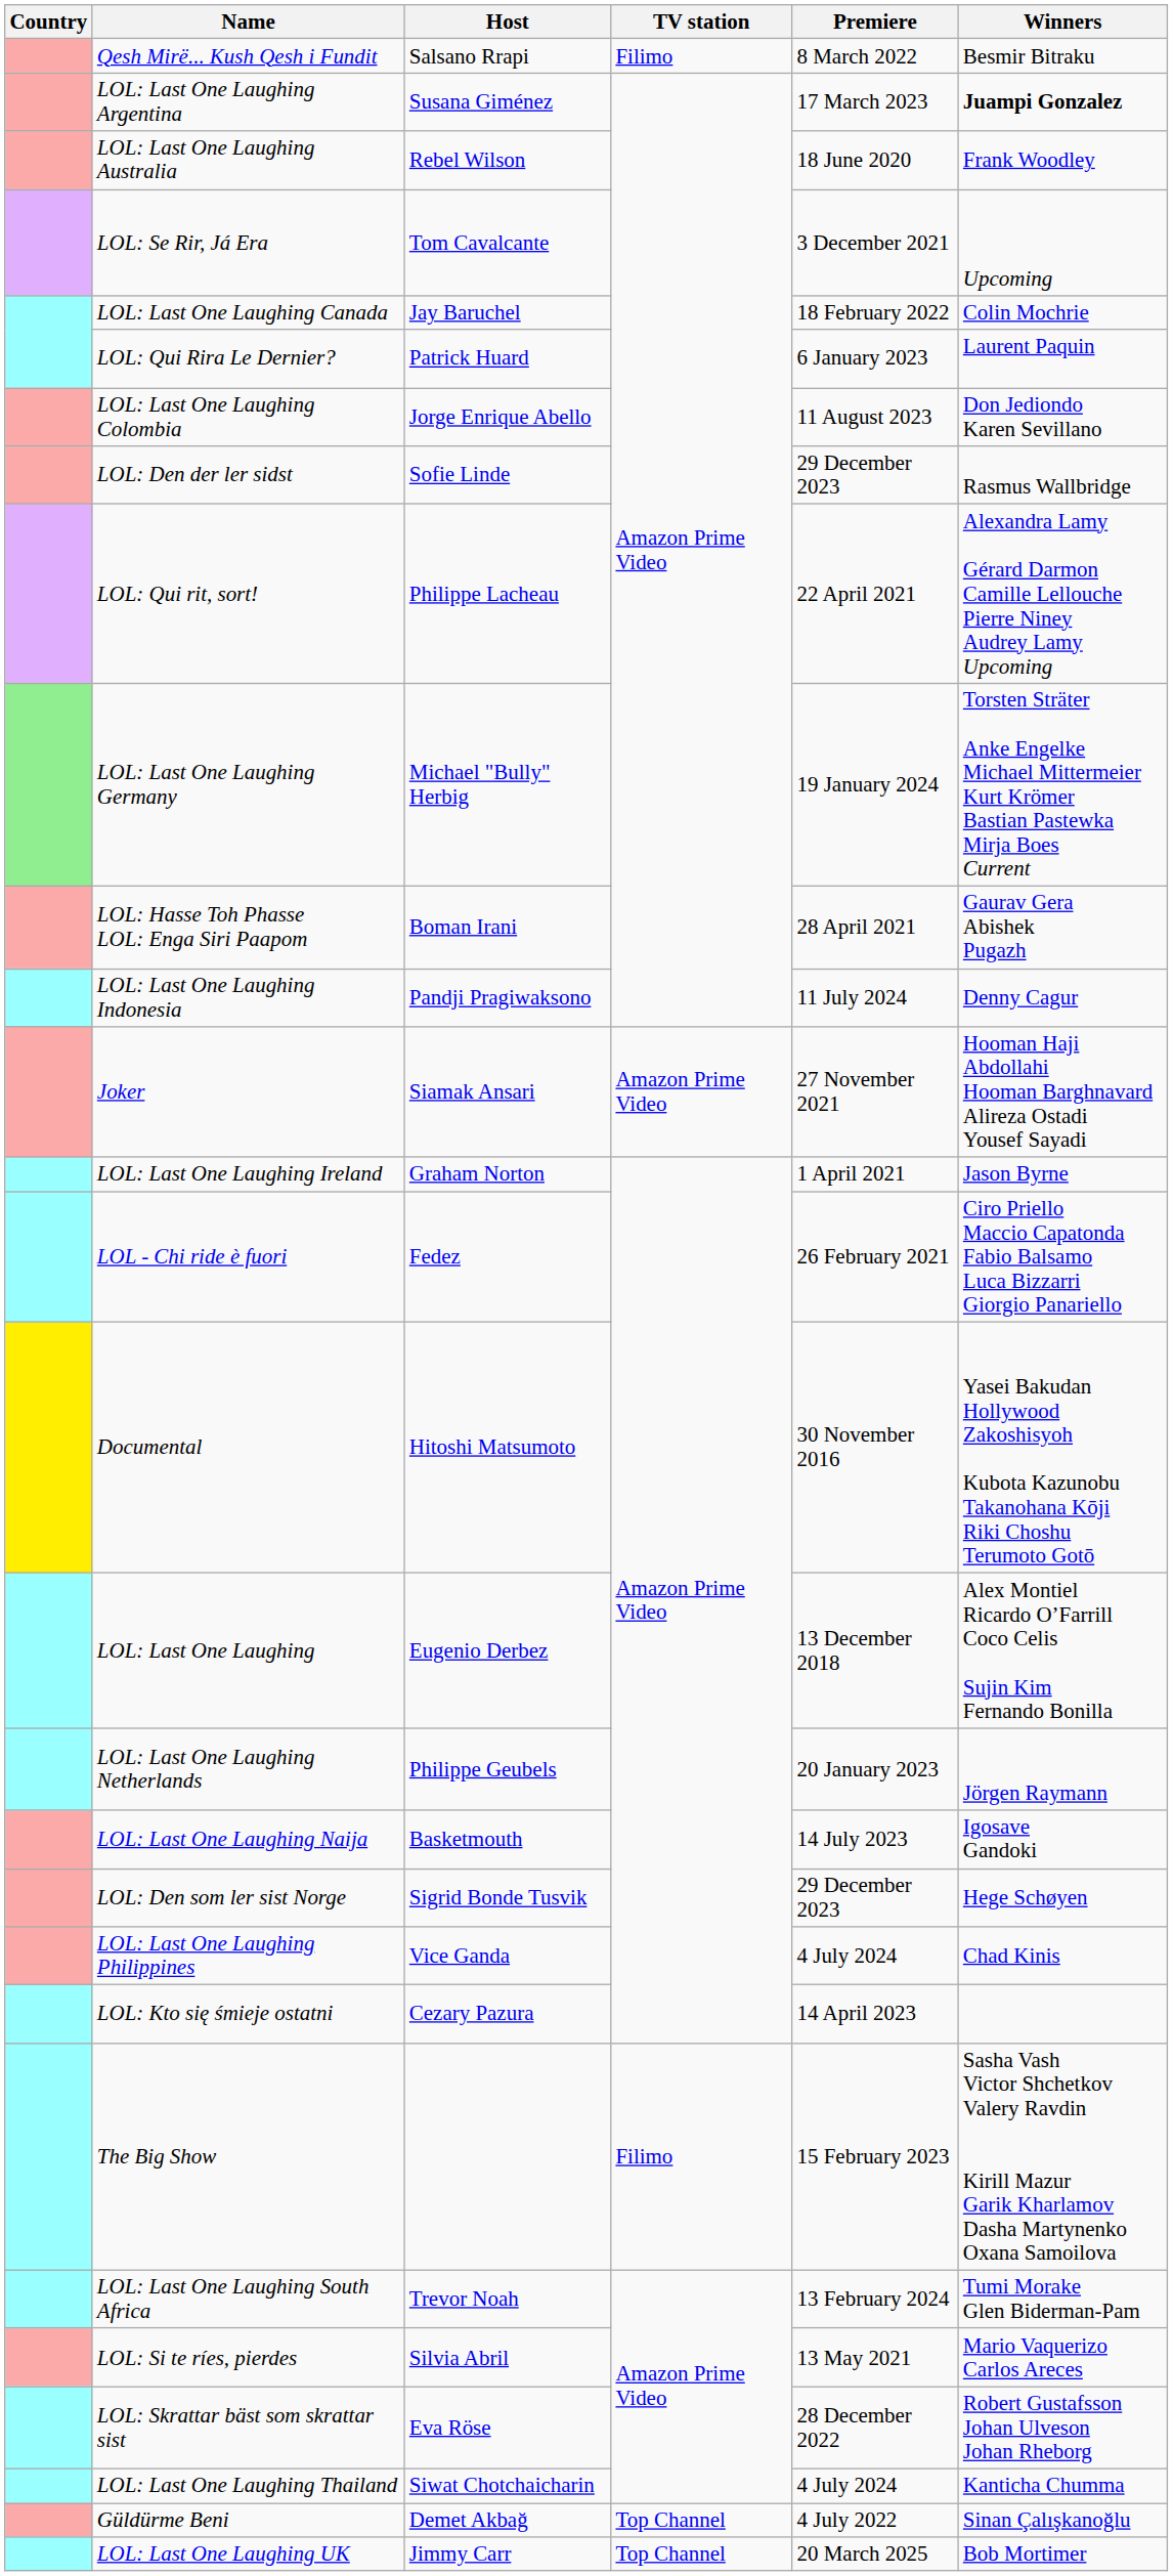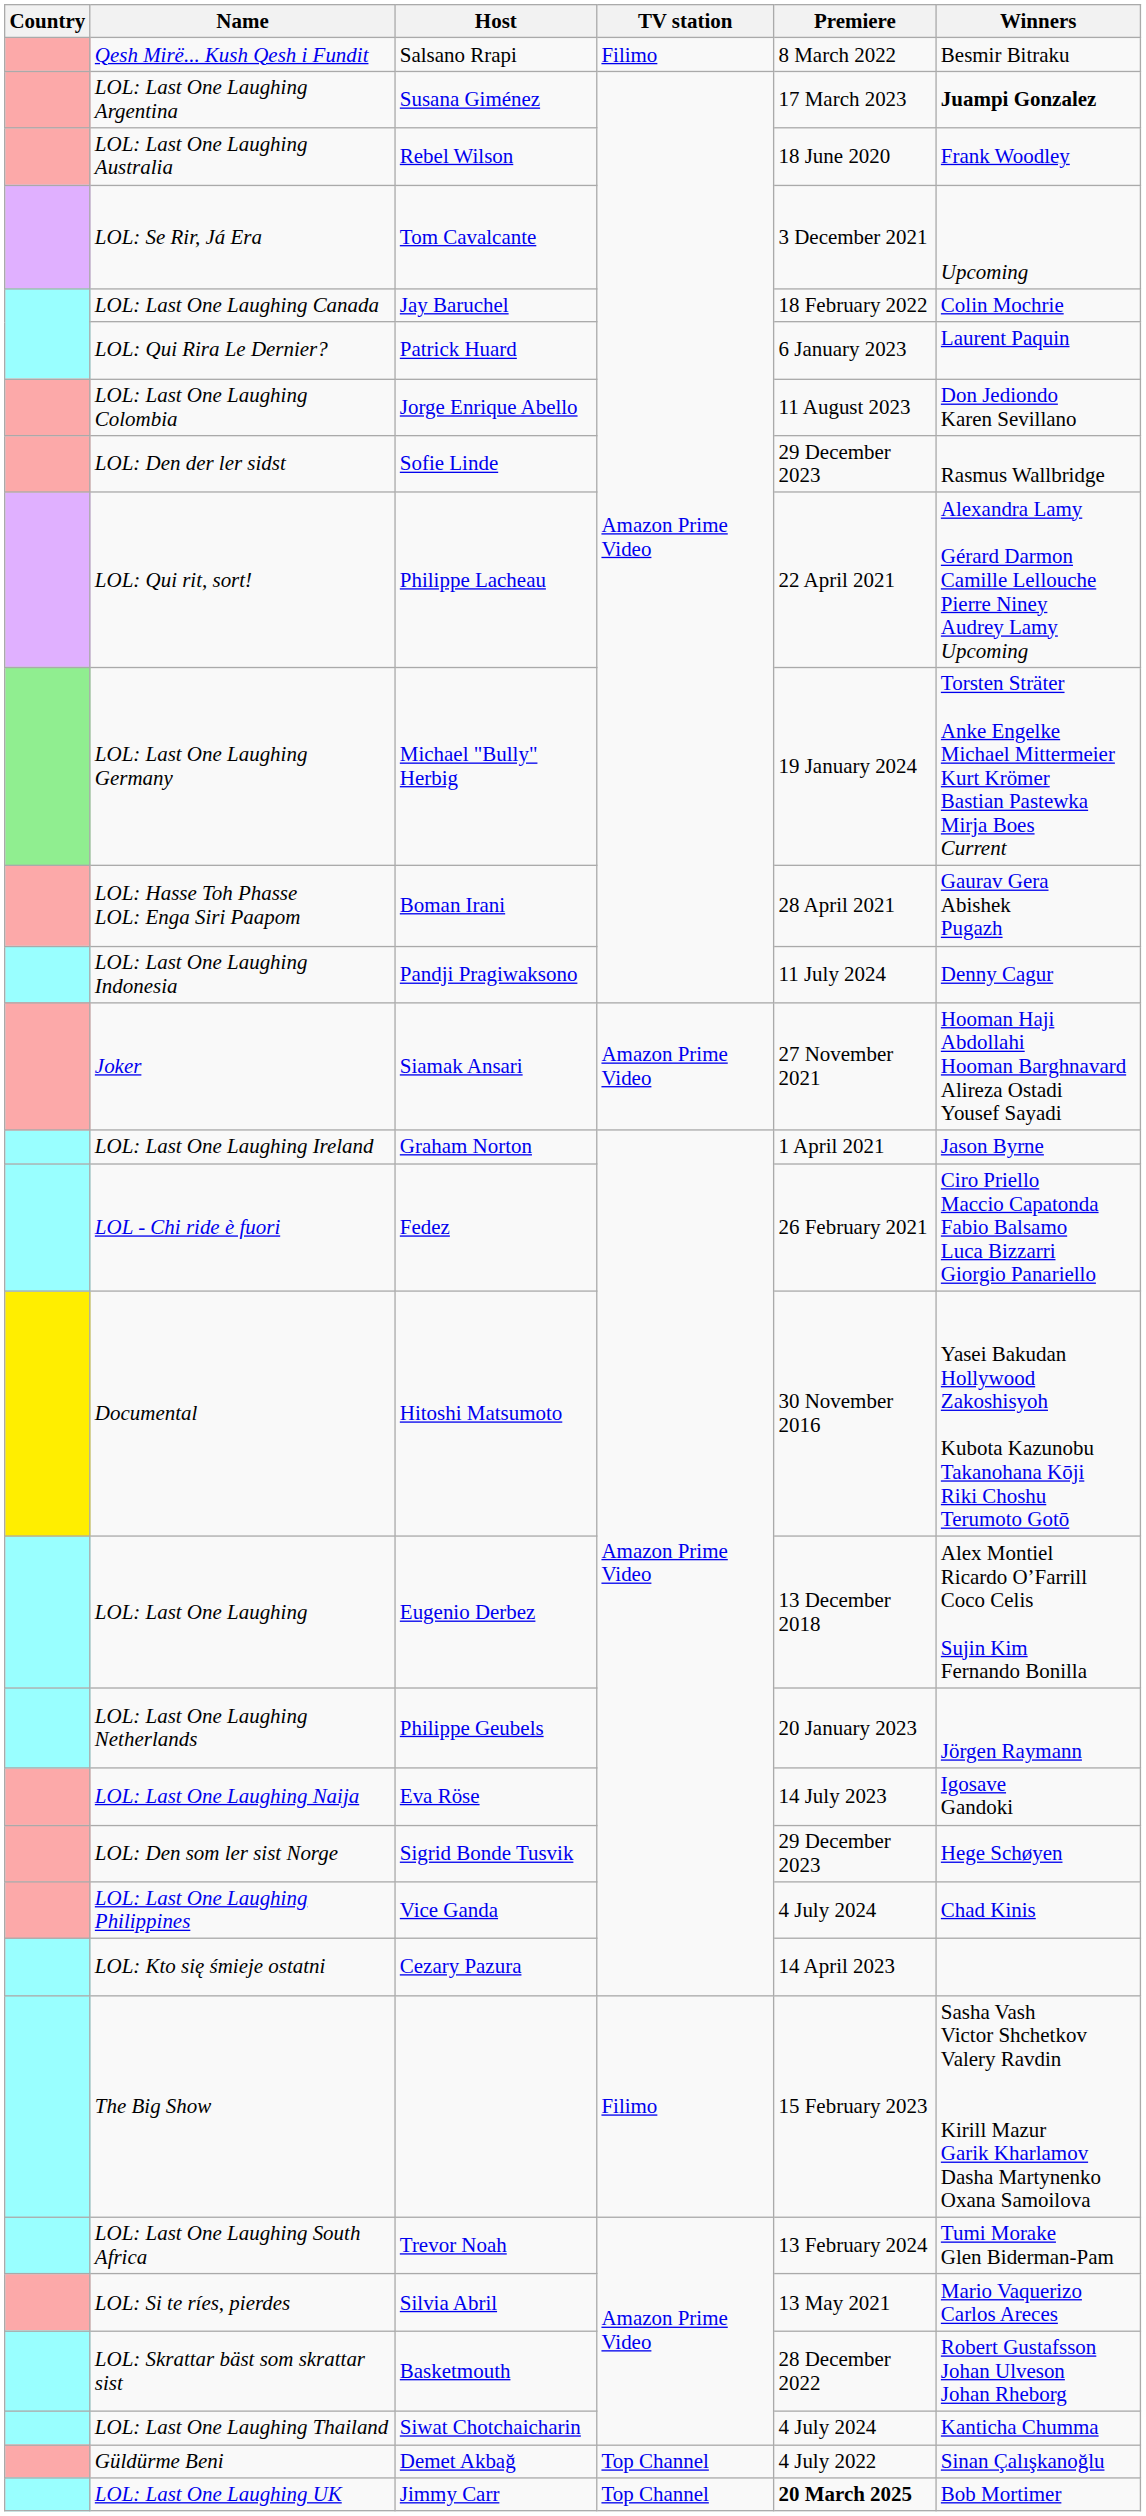 <table class="wikitable">
 <tr>
 <th>Country</th>
 <th>Name</th>
 <th>Host</th>
 <th>TV station</th>
 <th>Premiere</th>
 <th>Winners</th>
 </tr>
 <tr>
 <td style="background-color:#FCA9A9;"></td>
 <td><em><a href='#'>Qesh Mirë... Kush Qesh i Fundit</a></em></td>
 <td>Salsano Rrapi</td>
 <td><a href='#'>Filimo</a></td>
 <td>8 March 2022</td>
 <td>Besmir Bitraku</td>
 </tr>
 <tr>
 <td style="background-color:#FCA9A9;"></td>
 <td><em>LOL: Last One Laughing Argentina</em></td>
 <td><a href='#'>Susana Giménez</a></td>
 <td rowspan="11"><a href='#'>Amazon Prime Video</a></td>
 <td>17 March 2023</td>
 <td><strong>Juampi Gonzalez</strong></td>
 </tr>
 <tr>
 <td style="background-color:#FCA9A9;"></td>
 <td><em>LOL: Last One Laughing Australia</em></td>
 <td><a href='#'>Rebel Wilson</a></td>
 <td>18 June 2020</td>
 <td><a href='#'>Frank Woodley</a></td>
 </tr>
 <tr>
 <td style="background-color:#E0B0FF;"></td>
 <td><em>LOL: Se Rir, Já Era</em></td>
 <td><a href='#'>Tom Cavalcante</a></td>
 <td>3 December 2021</td>
 <td> <br>  <br>  <br> <em>Upcoming</em></td>
 </tr>
 <tr>
 <td style="background-color:#99FFFF;" rowspan=2></td>
 <td><em>LOL: Last One Laughing Canada</em></td>
 <td><a href='#'>Jay Baruchel</a></td>
 <td>18 February 2022</td>
 <td><a href='#'>Colin Mochrie</a></td>
 </tr>
 <tr>
 <td><em>LOL: Qui Rira Le Dernier?</em></td>
 <td><a href='#'>Patrick Huard</a></td>
 <td>6 January 2023</td>
 <td><a href='#'>Laurent Paquin</a> <br>  <br> </td>
 </tr>
 <tr>
 <td style="background-color:#FCA9A9;"></td>
 <td><em>LOL: Last One Laughing Colombia</em></td>
 <td><a href='#'>Jorge Enrique Abello</a></td>
 <td>11 August 2023</td>
 <td><a href='#'>Don Jediondo</a> <br> Karen Sevillano</td>
 </tr>
 <tr>
 <td style="background-color:#FCA9A9;"></td>
 <td><em>LOL: Den der ler sidst</em></td>
 <td><a href='#'>Sofie Linde</a></td>
 <td>29 December 2023</td>
 <td> <br> Rasmus Wallbridge</td>
 </tr>
 <tr>
 <td style="background-color:#E0B0FF;"></td>
 <td><em>LOL: Qui rit, sort!</em></td>
 <td><a href='#'>Philippe Lacheau</a></td>
 <td>22 April 2021</td>
 <td><a href='#'>Alexandra Lamy</a> <br>  <br> <a href='#'>Gérard Darmon</a> <br> <a href='#'>Camille Lellouche</a> <br> <a href='#'>Pierre Niney</a> <br> <a href='#'>Audrey Lamy</a> <br> <em>Upcoming</em></td>
 </tr>
 <tr>
 <td style="background-color:#90EE90;"></td>
 <td><em>LOL: Last One Laughing Germany</em></td>
 <td><a href='#'>Michael "Bully" Herbig</a></td>
 <td>19 January 2024</td>
 <td><a href='#'>Torsten Sträter</a> <br>  <br> <a href='#'>Anke Engelke</a> <br> <a href='#'>Michael Mittermeier</a> <br> <a href='#'>Kurt Krömer</a> <br> <a href='#'>Bastian Pastewka</a> <br> <a href='#'>Mirja Boes</a> <br> <em>Current</em></td>
 </tr>
 <tr>
 <td style="background-color:#FCA9A9;"></td>
 <td><em>LOL: Hasse Toh Phasse</em><br> <em>	LOL: Enga Siri Paapom</em></td>
 <td><a href='#'>Boman Irani</a></td>
 <td>28 April 2021</td>
 <td><a href='#'>Gaurav Gera</a> <br> Abishek  <br> <a href='#'>Pugazh</a></td>
 </tr>
 <tr>
 <td style="background-color:#99FFFF;"></td>
 <td><em>LOL: Last One Laughing Indonesia</em></td>
 <td><a href='#'>Pandji Pragiwaksono</a></td>
 <td>11 July 2024</td>
 <td><a href='#'>Denny Cagur</a></td>
 </tr>
 <tr>
 <td style="background-color:#FCA9A9;"></td>
 <td><em><a href='#'>Joker</a></em></td>
 <td><a href='#'>Siamak Ansari</a></td>
 <td><a href='#'>Amazon Prime Video</a></td>
 <td>27 November 2021</td>
 <td><a href='#'>Hooman Haji Abdollahi</a> <br> <a href='#'>Hooman Barghnavard</a> <br> Alireza Ostadi	<br> Yousef Sayadi</td>
 </tr>
 <tr>
 <td style="background-color:#99FFFF;"></td>
 <td><em>LOL: Last One Laughing Ireland</em></td>
 <td><a href='#'>Graham Norton</a></td>
 <td rowspan="9"><a href='#'>Amazon Prime Video</a></td>
 <td>1 April 2021</td>
 <td><a href='#'>Jason Byrne</a></td>
 </tr>
 <tr>
 <td style="background-color:#99FFFF;"></td>
 <td><em><a href='#'>LOL - Chi ride è fuori</a></em></td>
 <td><a href='#'>Fedez</a></td>
 <td>26 February 2021</td>
 <td><a href='#'>Ciro Priello</a> <br> <a href='#'>Maccio Capatonda</a> <br> <a href='#'>Fabio Balsamo</a> <br> <a href='#'>Luca Bizzarri</a> <br> <a href='#'>Giorgio Panariello</a> <br> </td>
 </tr>
 <tr>
 <td style="background-color:#FFEE00;"></td>
 <td><em>Documental</em></td>
 <td><a href='#'>Hitoshi Matsumoto</a></td>
 <td>30 November 2016</td>
 <td> <br>  <br> Yasei Bakudan <br> <a href='#'>Hollywood Zakoshisyoh</a> <br>  <br> Kubota Kazunobu <br> <a href='#'>Takanohana Kōji</a> <br> <a href='#'>Riki Choshu</a> <br> <a href='#'>Terumoto Gotō</a> <br> </td>
 </tr>
 <tr>
 <td style="background-color:#99FFFF;"></td>
 <td><em>LOL: Last One Laughing</em></td>
 <td><a href='#'>Eugenio Derbez</a></td>
 <td>13 December 2018</td>
 <td>Alex Montiel <br> Ricardo O’Farrill <br> Coco Celis <br>  <br> <a href='#'>Sujin Kim</a> <br> Fernando Bonilla</td>
 </tr>
 <tr>
 <td style="background-color:#99FFFF;"></td>
 <td><em>LOL: Last One Laughing Netherlands</em></td>
 <td><a href='#'>Philippe Geubels</a></td>
 <td>20 January 2023</td>
 <td> <br>  <br> <a href='#'>Jörgen Raymann</a></td>
 </tr>
 <tr>
 <td style="background-color:#FCA9A9;"></td>
 <td><em><a href='#'>LOL: Last One Laughing Naija</a></em></td>
-<td><a href='#'>Basketmouth</a></td>
+<td><a href='#'>Eva Röse</a></td>
 <td>14 July 2023</td>
 <td><a href='#'>Igosave</a> <br> Gandoki</td>
 </tr>
 <tr>
 <td style="background-color:#FCA9A9;"></td>
 <td><em>LOL: Den som ler sist Norge</em></td>
 <td><a href='#'>Sigrid Bonde Tusvik</a></td>
 <td>29 December 2023</td>
 <td><a href='#'>Hege Schøyen</a></td>
 </tr>
 <tr>
 <td style="background-color:#FCA9A9;"></td>
 <td><em><a href='#'>LOL: Last One Laughing Philippines</a></em></td>
 <td><a href='#'>Vice Ganda</a></td>
 <td>4 July 2024</td>
 <td><a href='#'>Chad Kinis</a></td>
 </tr>
 <tr>
 <td style="background-color:#99FFFF;"></td>
 <td><em>LOL: Kto się śmieje ostatni</em></td>
 <td><a href='#'>Cezary Pazura</a></td>
 <td>14 April 2023</td>
 <td> <br>  <br> </td>
 </tr>
 <tr>
 <td style="background-color:#99FFFF;"></td>
 <td><em>The Big Show</em></td>
 <td></td>
 <td><a href='#'>Filimo</a></td>
 <td>15 February 2023</td>
 <td>Sasha Vash <br> Victor Shchetkov <br> Valery Ravdin <br>  <br>  <br> Kirill Mazur <br> <a href='#'>Garik Kharlamov</a> <br> Dasha Martynenko <br> Oxana Samoilova</td>
 </tr>
 <tr>
 <td style="background-color:#99FFFF;"></td>
 <td><em>LOL: Last One Laughing South Africa</em></td>
 <td><a href='#'>Trevor Noah</a></td>
 <td rowspan="4"><a href='#'>Amazon Prime Video</a></td>
 <td>13 February 2024</td>
 <td><a href='#'>Tumi Morake</a> <br> Glen Biderman-Pam</td>
 </tr>
 <tr>
 <td style="background-color:#FCA9A9;"></td>
 <td><em>LOL: Si te ríes, pierdes</em></td>
 <td><a href='#'>Silvia Abril</a></td>
 <td>13 May 2021</td>
 <td><a href='#'>Mario Vaquerizo</a> <br> <a href='#'>Carlos Areces</a></td>
 </tr>
 <tr>
 <td style="background-color:#99FFFF;"></td>
 <td><em>LOL: Skrattar bäst som skrattar sist</em></td>
-<td><a href='#'>Eva Röse</a></td>
+<td><a href='#'>Basketmouth</a></td>
 <td>28 December 2022</td>
 <td><a href='#'>Robert Gustafsson</a> <br> <a href='#'>Johan Ulveson</a> <br> <a href='#'>Johan Rheborg</a></td>
 </tr>
 <tr>
 <td style="background-color:#99FFFF;"></td>
 <td><em>LOL: Last One Laughing Thailand</em></td>
 <td><a href='#'>Siwat Chotchaicharin</a></td>
 <td>4 July 2024</td>
 <td><a href='#'>Kanticha Chumma</a> <br> </td>
 </tr>
 <tr>
 <td style="background-color:#FCA9A9;"></td>
 <td><em>Güldürme Beni</em></td>
 <td><a href='#'>Demet Akbağ</a></td>
 <td><a href='#'>Top Channel</a></td>
 <td>4 July 2022</td>
 <td><a href='#'>Sinan Çalışkanoğlu</a></td>
 </tr>
 <tr>
 <td style="background-color:#99FFFF;"></td>
 <td><em><a href='#'>LOL: Last One Laughing UK</a></em></td>
 <td><a href='#'>Jimmy Carr</a></td>
 <td><a href='#'>Top Channel</a></td>
-<td>20 March 2025</td>
+<td><strong>20 March 2025</strong></td>
 <td><a href='#'>Bob Mortimer</a></td>
 </tr>
 </table>
